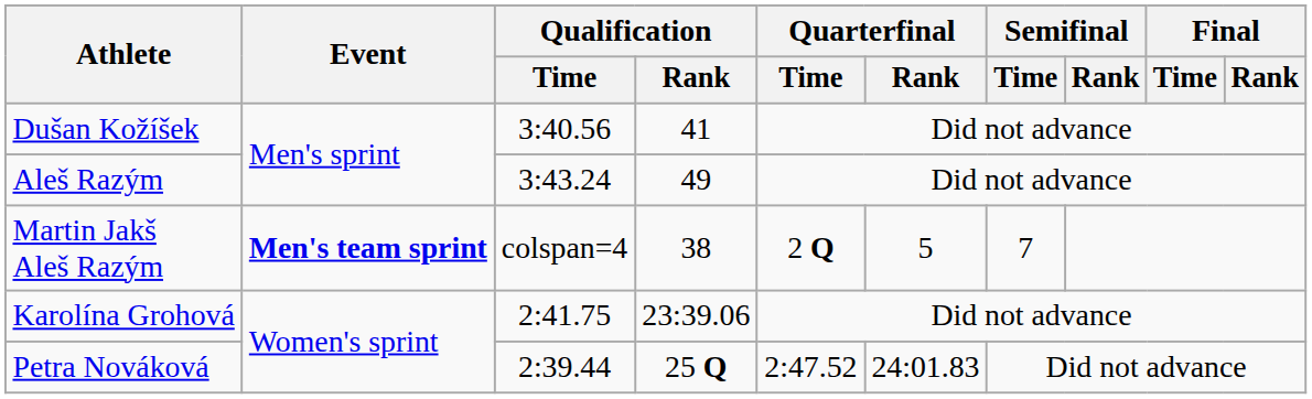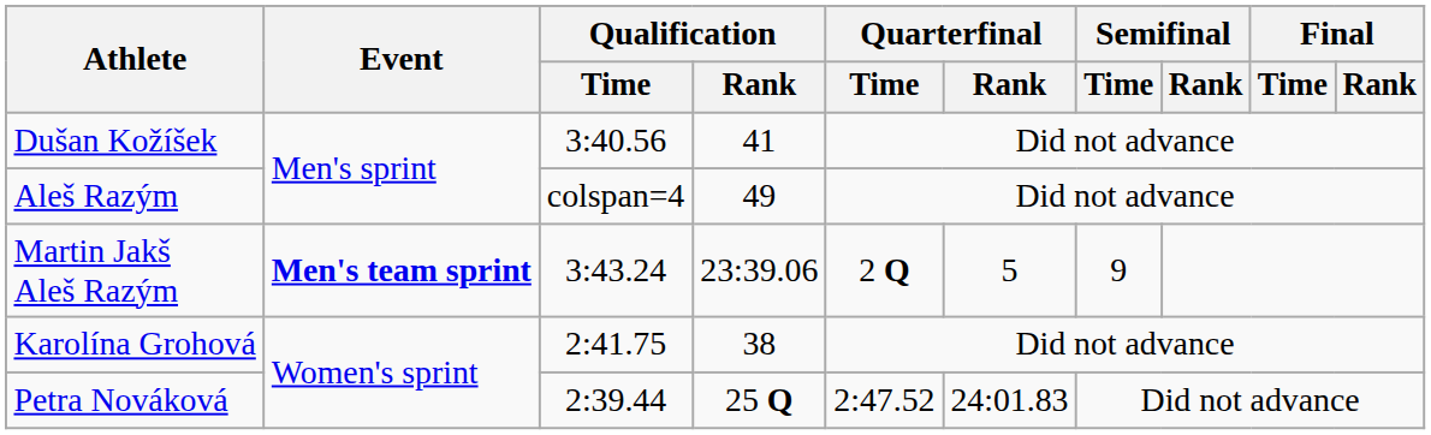 <table class="wikitable" style="font-size:90%">
 <tr>
 <th rowspan="2">Athlete</th>
 <th rowspan="2">Event</th>
 <th colspan="2">Qualification</th>
 <th colspan="2">Quarterfinal</th>
 <th colspan="2">Semifinal</th>
 <th colspan="2">Final</th>
 </tr>
 <tr style="font-size:95%">
 <th>Time</th>
 <th>Rank</th>
 <th>Time</th>
 <th>Rank</th>
 <th>Time</th>
 <th>Rank</th>
 <th>Time</th>
 <th>Rank</th>
 </tr>
 <tr align=center>
 <td align=left><a href='#'>Dušan Kožíšek</a></td>
 <td align=left rowspan=2><a href='#'>Men's sprint</a></td>
 <td>3:40.56</td>
 <td>41</td>
 <td colspan=6>Did not advance</td>
 </tr>
 <tr align=center>
 <td align=left><a href='#'>Aleš Razým</a></td>
-<td>3:43.24</td>
+<td>colspan=4 </td>
 <td>49</td>
 <td colspan=6>Did not advance</td>
 </tr>
 <tr align=center>
 <td align=left><a href='#'>Martin Jakš</a><br><a href='#'>Aleš Razým</a></td>
 <td align=left><strong><a href='#'>Men's team sprint</a></strong></td>
-<td>colspan=4 </td>
-<td>38</td>
+<td>3:43.24</td>
+<td>23:39.06</td>
 <td>2 <strong>Q</strong></td>
 <td>5</td>
-<td>7</td>
+<td>9</td>
 </tr>
 <tr align=center>
 <td align=left><a href='#'>Karolína Grohová</a></td>
 <td align=left rowspan=2><a href='#'>Women's sprint</a></td>
 <td>2:41.75</td>
-<td>23:39.06</td>
+<td>38</td>
 <td colspan=6>Did not advance</td>
 </tr>
 <tr align=center>
 <td align=left><a href='#'>Petra Nováková</a></td>
 <td>2:39.44</td>
 <td>25 <strong>Q</strong></td>
 <td>2:47.52</td>
 <td>24:01.83</td>
 <td colspan=4>Did not advance</td>
 </tr>
 </table>
